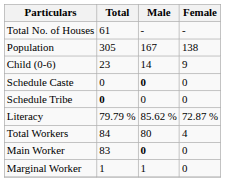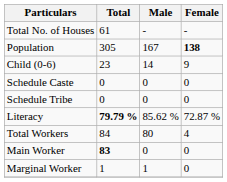 <table class="wikitable sortable">
 <tr>
 <th>Particulars</th>
 <th>Total</th>
 <th>Male</th>
 <th>Female</th>
 </tr>
 <tr>
 <td>Total No. of Houses</td>
 <td>61</td>
 <td>-</td>
 <td>-</td>
 </tr>
 <tr>
 <td>Population</td>
 <td>305</td>
 <td>167</td>
-<td>138</td>
+<td><strong>138</strong></td>
 </tr>
 <tr>
 <td>Child (0-6)</td>
 <td>23</td>
 <td>14</td>
 <td>9</td>
 </tr>
 <tr>
 <td>Schedule Caste</td>
 <td>0</td>
-<td><strong>0</strong></td>
+<td>0</td>
 <td>0</td>
 </tr>
 <tr>
 <td>Schedule Tribe</td>
-<td><strong>0</strong></td>
+<td>0</td>
 <td>0</td>
 <td>0</td>
 </tr>
 <tr>
 <td>Literacy</td>
-<td>79.79 %</td>
+<td><strong>79.79 %</strong></td>
 <td>85.62 %</td>
 <td>72.87 %</td>
 </tr>
 <tr>
 <td>Total Workers</td>
 <td>84</td>
 <td>80</td>
 <td>4</td>
 </tr>
 <tr>
 <td>Main Worker</td>
-<td>83</td>
-<td><strong>0</strong></td>
+<td><strong>83</strong></td>
+<td>0</td>
 <td>0</td>
 </tr>
 <tr>
 <td>Marginal Worker</td>
 <td>1</td>
 <td>1</td>
 <td>0</td>
 </tr>
 <tr>
 </tr>
 </table>
